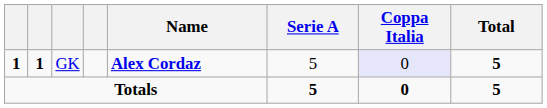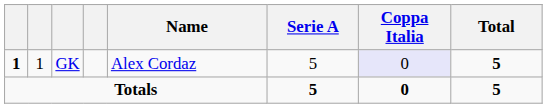 <table class="wikitable" style="text-align:center">
 <tr>
 <th width=15></th>
 <th width=15></th>
 <th width=15></th>
 <th width=15></th>
 <th width=145>Name</th>
 <th width=80><strong><a href='#'>Serie A</a></strong></th>
 <th width=80><strong><a href='#'>Coppa Italia</a></strong></th>
 <th width=80>Total</th>
 </tr>
 <tr>
 <td><strong>1</strong></td>
-<td><strong>1</strong></td>
+<td>1</td>
 <td><a href='#'>GK</a></td>
 <td></td>
-<td align=left><strong><a href='#'>Alex Cordaz</a></strong></td>
+<td align=left><a href='#'>Alex Cordaz</a></td>
 <td>5</td>
 <td style="background: lavender;">0</td>
 <td><strong>5</strong></td>
 </tr>
 <tr>
 <td colspan=5><strong>Totals</strong></td>
 <td><strong>5</strong></td>
 <td><strong>0</strong></td>
 <td><strong>5</strong></td>
 </tr>
 </table>
